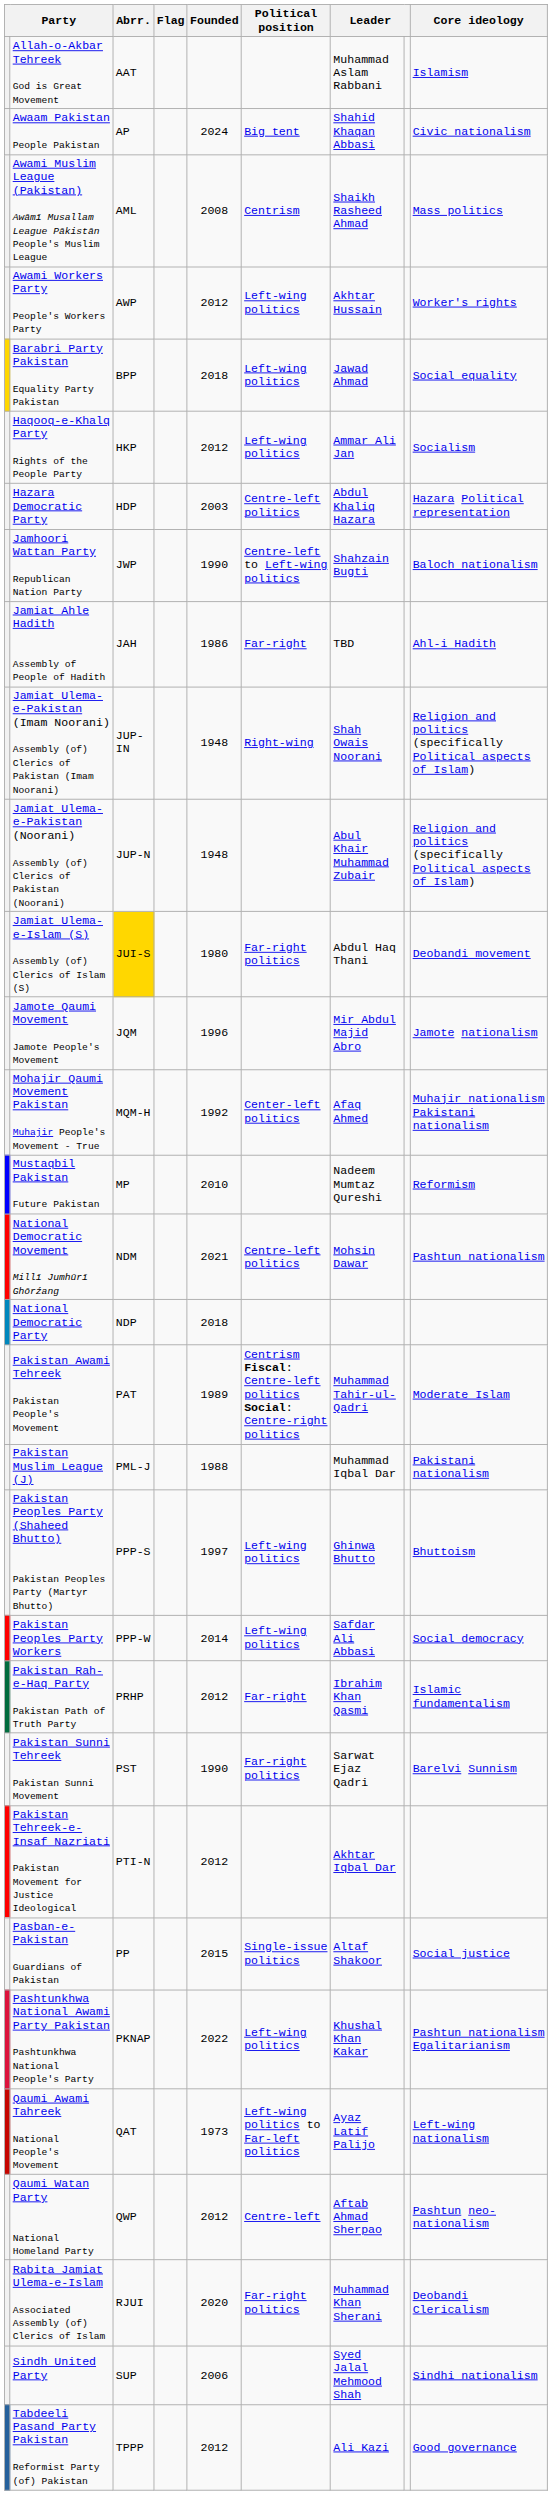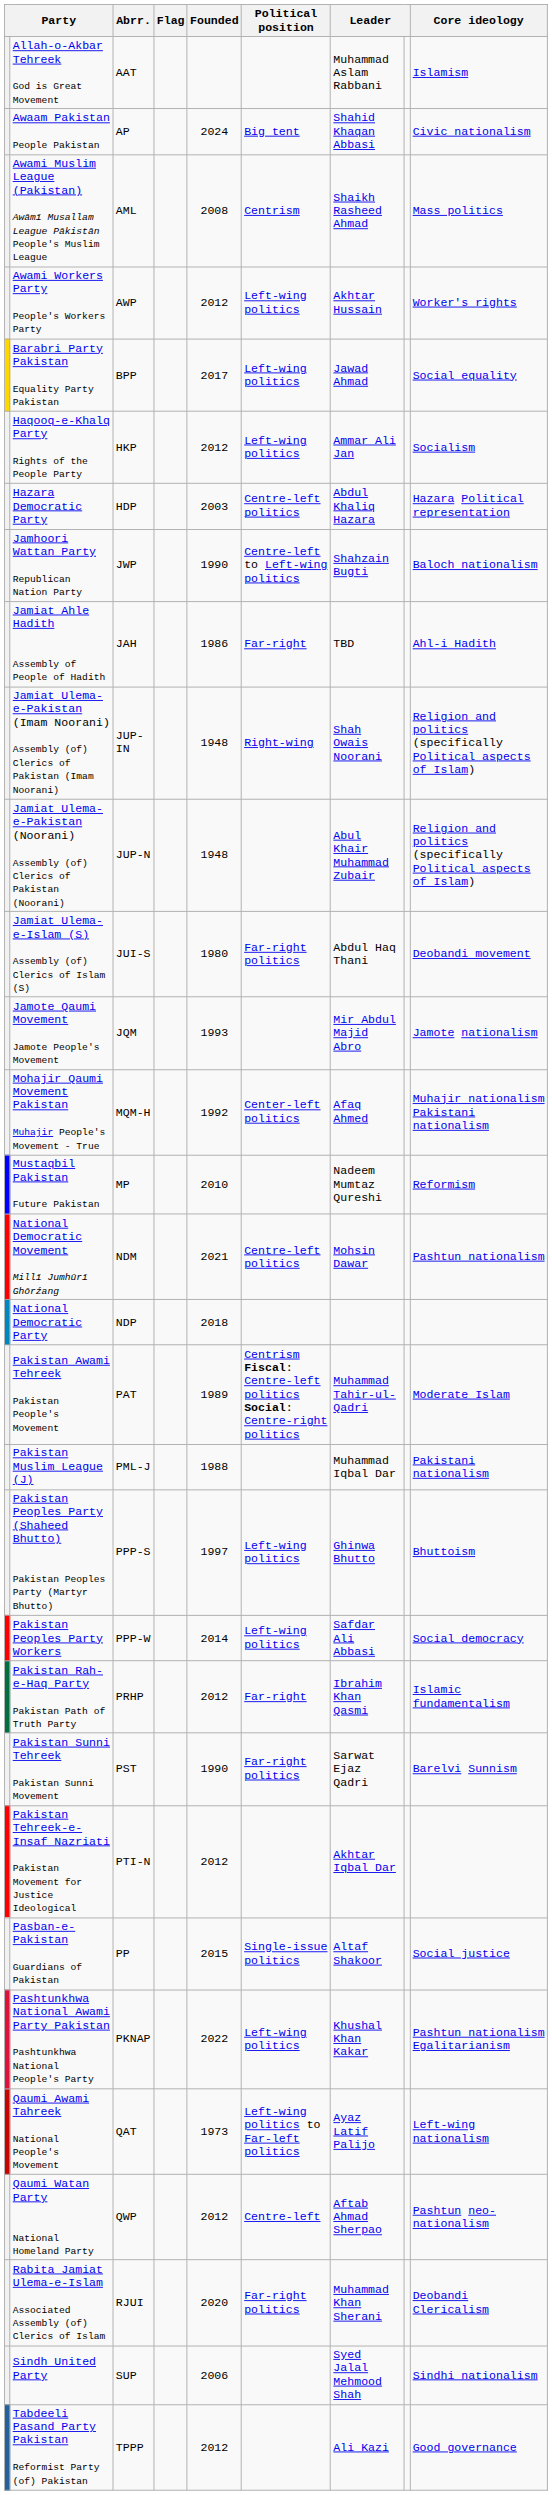 <table class="wikitable sortable">
 <tr>
 <th colspan="2" class="unsortable" scope="col" style="width:20px; text-align:center;">Party</th>
 <th>Abrr.</th>
 <th>Flag</th>
 <th>Founded</th>
 <th class="unsortable" scope="col">Political position</th>
 <th colspan="2">Leader</th>
 <th>Core ideology</th>
 </tr>
 <tr>
 <th style="background-color: "></th>
 <td><a href='#'>Allah-o-Akbar Tehreek</a><br><br><small>God is Great Movement</small></td>
 <td>AAT</td>
 <td></td>
 <td align="center"></td>
 <td></td>
 <td>Muhammad Aslam Rabbani</td>
 <td></td>
 <td><div><a href='#'>Islamism</a></div></td>
 </tr>
 <tr>
 <th style="background-color: "></th>
 <td><a href='#'>Awaam Pakistan</a> <br> <br><small>People Pakistan</small></td>
 <td>AP</td>
 <td></td>
 <td align=center>2024</td>
 <td><a href='#'>Big tent</a></td>
 <td><a href='#'>Shahid Khaqan Abbasi</a></td>
 <td></td>
 <td><div><a href='#'>Civic nationalism</a></div></td>
 </tr>
 <tr>
 <th style="background-color: "></th>
 <td><a href='#'>Awami Muslim League (Pakistan)</a><br><br><small><em>Awāmī Musallam League Pākistān</em></small><br><small>People's Muslim League</small></td>
 <td>AML</td>
 <td></td>
 <td align="center">2008</td>
 <td><a href='#'>Centrism</a></td>
 <td><a href='#'>Shaikh Rasheed Ahmad</a></td>
 <td></td>
 <td><div><a href='#'>Mass politics</a></div></td>
 </tr>
 <tr>
 <th style="background-color: "></th>
 <td><a href='#'>Awami Workers Party</a><br><br><small>People's Workers Party</small></td>
 <td>AWP</td>
 <td></td>
 <td align=center>2012</td>
 <td><a href='#'>Left-wing politics</a></td>
 <td><a href='#'>Akhtar Hussain</a></td>
 <td></td>
 <td><div><a href='#'>Worker's rights</a></div></td>
 </tr>
 <tr>
 <th style="background-color: gold"></th>
 <td><a href='#'>Barabri Party Pakistan</a><br><br><small>Equality Party Pakistan</small></td>
 <td>BPP</td>
 <td></td>
-<td align=center>2018</td>
+<td align=center>2017</td>
 <td><a href='#'>Left-wing politics</a></td>
 <td><a href='#'>Jawad Ahmad</a></td>
 <td></td>
 <td><div><a href='#'>Social equality</a></div></td>
 </tr>
 <tr>
 <th style="background-color: "></th>
 <td><a href='#'>Haqooq-e-Khalq Party</a><br><br><small>Rights of the People Party</small></td>
 <td>HKP</td>
 <td></td>
 <td align="center">2012</td>
 <td><a href='#'>Left-wing politics</a></td>
 <td><a href='#'>Ammar Ali Jan</a></td>
 <td></td>
 <td><div><a href='#'>Socialism</a></div></td>
 </tr>
 <tr>
 <th style="background-color:"></th>
 <td><a href='#'>Hazara Democratic Party</a><br></td>
 <td>HDP</td>
 <td></td>
 <td align="center">2003</td>
 <td><a href='#'>Centre-left politics</a></td>
 <td><a href='#'>Abdul Khaliq Hazara</a></td>
 <td></td>
 <td><div><a href='#'>Hazara</a> <a href='#'>Political representation</a></div></td>
 </tr>
 <tr>
 <th style="background-color: "></th>
 <td><a href='#'>Jamhoori Wattan Party</a><br><br><small>Republican Nation Party</small></td>
 <td>JWP</td>
 <td></td>
 <td align="center">1990</td>
 <td><a href='#'>Centre-left</a> to <a href='#'>Left-wing politics</a></td>
 <td><a href='#'>Shahzain Bugti</a></td>
 <td></td>
 <td><div><a href='#'>Baloch nationalism</a></div></td>
 </tr>
 <tr>
 <th style="background-color: "></th>
 <td><a href='#'>Jamiat Ahle Hadith</a><br><br><br><small>Assembly of People of Hadith</small></td>
 <td>JAH</td>
 <td></td>
 <td align="center">1986</td>
 <td><a href='#'>Far-right</a></td>
 <td>TBD</td>
 <td></td>
 <td><div><a href='#'>Ahl-i Hadith</a></div></td>
 </tr>
 <tr>
 <th style="background-color: "></th>
 <td><a href='#'>Jamiat Ulema-e-Pakistan</a> (Imam Noorani)<br><br><small>Assembly (of) Clerics of Pakistan (Imam Noorani)</small></td>
 <td>JUP-IN</td>
 <td></td>
 <td align="center">1948</td>
 <td><a href='#'>Right-wing</a></td>
 <td><a href='#'>Shah Owais Noorani</a></td>
 <td></td>
 <td><div><a href='#'>Religion and politics</a> (specifically <a href='#'>Political aspects of Islam</a>)</div></td>
 </tr>
 <tr>
 <th style="background-color: "></th>
 <td><a href='#'>Jamiat Ulema-e-Pakistan</a> (Noorani)<br><br><small>Assembly (of) Clerics of Pakistan (Noorani)</small></td>
 <td>JUP-N</td>
 <td></td>
 <td align="center">1948</td>
 <td></td>
 <td><a href='#'>Abul Khair Muhammad Zubair</a></td>
 <td></td>
 <td><div><a href='#'>Religion and politics</a> (specifically <a href='#'>Political aspects of Islam</a>)</div></td>
 </tr>
 <tr>
 <th style="background-color: "></th>
 <td><a href='#'>Jamiat Ulema-e-Islam (S)</a><br><br><small>Assembly (of) Clerics of Islam (S)</small></td>
-<td style="background: gold;">JUI-S</td>
+<td>JUI-S</td>
 <td></td>
 <td align=center>1980</td>
 <td><a href='#'>Far-right politics</a></td>
 <td>Abdul Haq Thani</td>
 <td></td>
 <td><div><a href='#'>Deobandi movement</a></div></td>
 </tr>
 <tr>
 <th style="background-color: "></th>
 <td><a href='#'>Jamote Qaumi Movement</a><br><br><small>Jamote People's Movement</small></td>
 <td>JQM</td>
 <td></td>
-<td align=center>1996</td>
+<td align=center>1993</td>
 <td></td>
 <td><a href='#'>Mir Abdul Majid Abro</a></td>
 <td></td>
 <td><div><a href='#'>Jamote</a> <a href='#'>nationalism</a></div></td>
 </tr>
 <tr>
 <th style="background-color: "></th>
 <td><a href='#'>Mohajir Qaumi Movement Pakistan</a><br><br><small><a href='#'>Muhajir</a> People's Movement - True</small></td>
 <td>MQM-H</td>
 <td></td>
 <td align="center">1992</td>
 <td><a href='#'>Center-left politics</a></td>
 <td><a href='#'>Afaq Ahmed</a></td>
 <td></td>
 <td><div><a href='#'>Muhajir nationalism</a><br><a href='#'>Pakistani nationalism</a></div></td>
 </tr>
 <tr>
 <th style="background-color: blue"></th>
 <td><a href='#'>Mustaqbil Pakistan</a><br><br><small>Future Pakistan</small></td>
 <td>MP</td>
 <td></td>
 <td align="center">2010</td>
 <td></td>
 <td>Nadeem Mumtaz Qureshi</td>
 <td></td>
 <td><div><a href='#'>Reformism</a></div></td>
 </tr>
 <tr>
 <th style="background-color: red"></th>
 <td><a href='#'>National Democratic Movement</a><br><br><small><em>Millī Jumhūrī Ghōrźang</em></small><br></td>
 <td>NDM</td>
 <td></td>
 <td align="center">2021</td>
 <td><a href='#'>Centre-left politics</a></td>
 <td><a href='#'>Mohsin Dawar</a></td>
 <td></td>
 <td><div><a href='#'>Pashtun nationalism</a></div></td>
 </tr>
 <tr>
 <th style="background-color: #0087bd"></th>
 <td><a href='#'>National Democratic Party</a><br></td>
 <td>NDP</td>
 <td></td>
 <td align="center">2018</td>
 <td></td>
 <td></td>
 <td></td>
 <td></td>
 </tr>
 <tr>
 <th style="background-color: "></th>
 <td><a href='#'>Pakistan Awami Tehreek</a><br><br><small>Pakistan People's Movement</small></td>
 <td>PAT</td>
 <td></td>
 <td align=center>1989</td>
 <td><a href='#'>Centrism</a><br><strong>Fiscal</strong>: <a href='#'>Centre-left politics</a><br><strong>Social</strong>: <a href='#'>Centre-right politics</a></td>
 <td><a href='#'>Muhammad Tahir-ul-Qadri</a></td>
 <td></td>
 <td><div><a href='#'>Moderate Islam</a></div></td>
 </tr>
 <tr>
 <th style="background-color: "></th>
 <td><a href='#'>Pakistan Muslim League (J)</a><br></td>
 <td>PML-J</td>
 <td></td>
 <td align=center>1988</td>
 <td></td>
 <td>Muhammad Iqbal Dar</td>
 <td></td>
 <td><div><a href='#'>Pakistani nationalism</a></div></td>
 </tr>
 <tr>
 <th style="background-color: "></th>
 <td><a href='#'>Pakistan Peoples Party (Shaheed Bhutto)</a><br><br><br><small>Pakistan Peoples Party (Martyr Bhutto)</small></td>
 <td>PPP-S</td>
 <td></td>
 <td align=center>1997</td>
 <td><a href='#'>Left-wing politics</a></td>
 <td><a href='#'>Ghinwa Bhutto</a></td>
 <td></td>
 <td><div><a href='#'>Bhuttoism</a></div></td>
 </tr>
 <tr>
 <th style="background-color: red"></th>
 <td><a href='#'>Pakistan Peoples Party Workers</a><br></td>
 <td>PPP-W</td>
 <td></td>
 <td align=center>2014</td>
 <td><a href='#'>Left-wing politics</a></td>
 <td><a href='#'>Safdar Ali Abbasi</a></td>
 <td></td>
 <td><div><a href='#'>Social democracy</a></div></td>
 </tr>
 <tr>
 <th style="background-color: #026d3f"></th>
 <td><a href='#'>Pakistan Rah-e-Haq Party</a><br><br><small>Pakistan Path of Truth Party</small></td>
 <td>PRHP</td>
 <td></td>
 <td align="center">2012</td>
 <td><a href='#'>Far-right</a></td>
 <td><a href='#'>Ibrahim Khan Qasmi</a></td>
 <td></td>
 <td><div><a href='#'>Islamic fundamentalism</a></div></td>
 </tr>
 <tr>
 <th style="background-color: "></th>
 <td><a href='#'>Pakistan Sunni Tehreek</a><br><br><small>Pakistan Sunni Movement</small></td>
 <td>PST</td>
 <td></td>
 <td align="center">1990</td>
 <td><a href='#'>Far-right politics</a></td>
 <td>Sarwat Ejaz Qadri</td>
 <td></td>
 <td><div><a href='#'>Barelvi</a> <a href='#'>Sunnism</a></div></td>
 </tr>
 <tr>
 <th style="background-color: red"></th>
 <td><a href='#'>Pakistan Tehreek-e-Insaf Nazriati</a><br><br><small>Pakistan Movement for Justice Ideological</small></td>
 <td>PTI-N</td>
 <td></td>
 <td align="center">2012</td>
 <td></td>
 <td><a href='#'>Akhtar Iqbal Dar</a></td>
 <td></td>
 <td></td>
 </tr>
 <tr>
 <th style="background-color: "></th>
 <td><a href='#'>Pasban-e-Pakistan</a><br><br><small>Guardians of Pakistan</small></td>
 <td>PP</td>
 <td></td>
 <td align="center">2015</td>
 <td><a href='#'>Single-issue politics</a></td>
 <td><a href='#'>Altaf Shakoor</a></td>
 <td></td>
 <td><div><a href='#'>Social justice</a></div></td>
 </tr>
 <tr>
 <th style="background-color: #dc143c"></th>
 <td><a href='#'>Pashtunkhwa National Awami Party Pakistan</a><br><br><small>Pashtunkhwa National People's Party</small></td>
 <td>PKNAP</td>
 <td></td>
 <td align="center">2022</td>
 <td><a href='#'>Left-wing politics</a></td>
 <td><a href='#'>Khushal Khan Kakar</a></td>
 <td></td>
 <td><div><a href='#'>Pashtun nationalism</a> <br><a href='#'>Egalitarianism</a></div></td>
 </tr>
 <tr>
 <th style="background-color: #C50500"></th>
 <td><a href='#'>Qaumi Awami Tahreek</a><br><br><small>National People's Movement</small></td>
 <td>QAT</td>
 <td></td>
 <td align="center">1973</td>
 <td><a href='#'>Left-wing politics</a> to <a href='#'>Far-left politics</a></td>
 <td><a href='#'>Ayaz Latif Palijo</a></td>
 <td></td>
 <td><div><a href='#'>Left-wing nationalism</a></div></td>
 </tr>
 <tr>
 <th style="background-color: "></th>
 <td><a href='#'>Qaumi Watan Party</a><br><br><br><small>National Homeland Party</small></td>
 <td>QWP</td>
 <td></td>
 <td align="center">2012</td>
 <td><a href='#'>Centre-left</a></td>
 <td><a href='#'>Aftab Ahmad Sherpao</a></td>
 <td></td>
 <td><div><a href='#'>Pashtun</a> <a href='#'>neo-nationalism</a></div></td>
 </tr>
 <tr>
 <th style="background-color: "></th>
 <td><a href='#'>Rabita Jamiat Ulema-e-Islam</a><br><br><small>Associated Assembly (of) Clerics of Islam</small></td>
 <td>RJUI</td>
 <td></td>
 <td align="center">2020</td>
 <td><a href='#'>Far-right politics</a></td>
 <td><a href='#'>Muhammad Khan Sherani</a></td>
 <td></td>
 <td><div><a href='#'>Deobandi</a> <a href='#'>Clericalism</a></div></td>
 </tr>
 <tr>
 <th style="background-color: "></th>
 <td><a href='#'>Sindh United Party</a><br><br></td>
 <td>SUP</td>
 <td></td>
 <td align="center">2006</td>
 <td></td>
 <td><a href='#'>Syed Jalal Mehmood Shah</a></td>
 <td></td>
 <td><div><a href='#'>Sindhi nationalism</a></div></td>
 </tr>
 <tr>
 <th style="background-color: #26619c"></th>
 <td><a href='#'>Tabdeeli Pasand Party Pakistan</a><br><br><small>Reformist Party (of) Pakistan</small></td>
 <td>TPPP</td>
 <td></td>
 <td align="center">2012</td>
 <td></td>
 <td><a href='#'>Ali Kazi</a></td>
 <td></td>
 <td><div><a href='#'>Good governance</a></div></td>
 </tr>
 </table>
